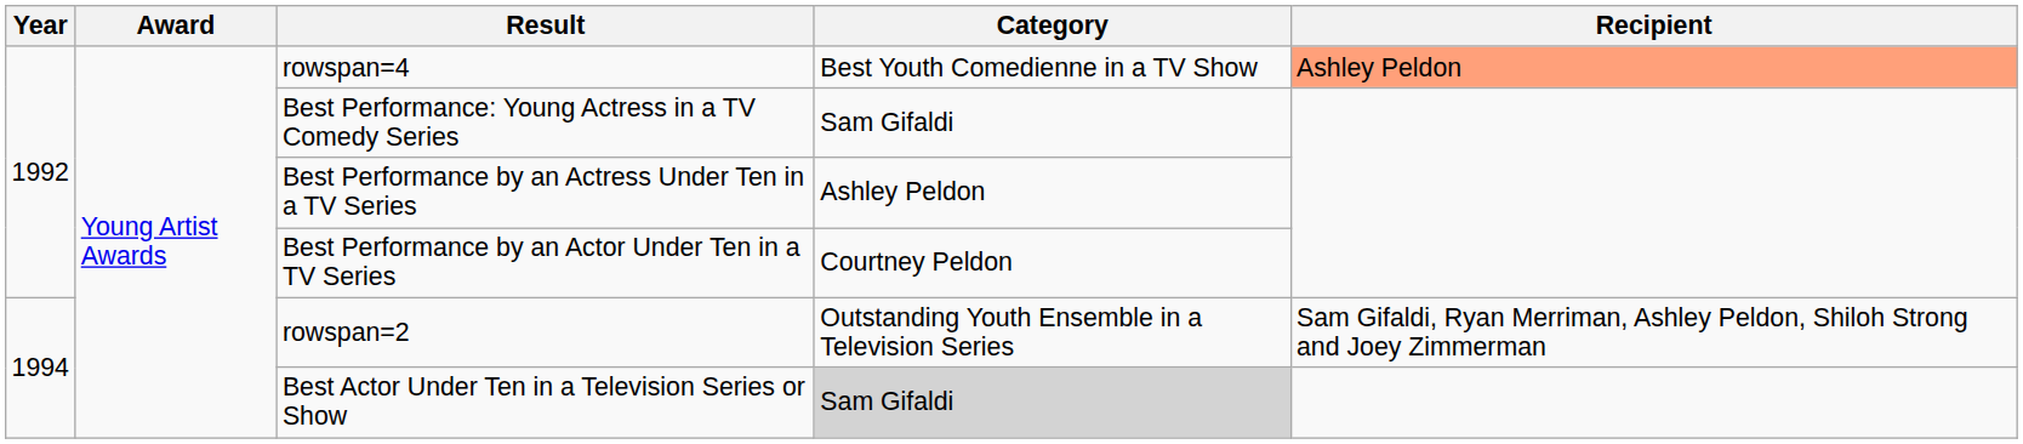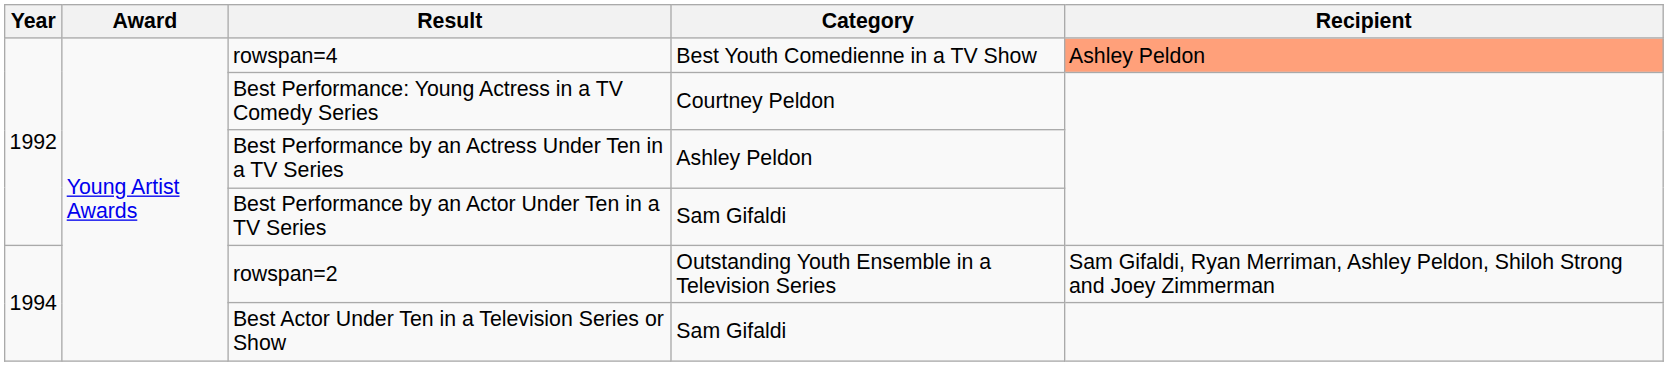 <table class="wikitable" font-size: 90%;">
 <tr>
 <th>Year</th>
 <th>Award</th>
 <th>Result</th>
 <th>Category</th>
 <th>Recipient</th>
 </tr>
 <tr>
 <td rowspan=4>1992</td>
 <td rowspan=6><a href='#'>Young Artist Awards</a></td>
 <td>rowspan=4 </td>
 <td>Best Youth Comedienne in a TV Show</td>
 <td style="background: lightsalmon;">Ashley Peldon</td>
 </tr>
 <tr>
 <td>Best Performance: Young Actress in a TV Comedy Series</td>
-<td>Sam Gifaldi</td>
+<td>Courtney Peldon</td>
 </tr>
 <tr>
 <td>Best Performance by an Actress Under Ten in a TV Series</td>
 <td>Ashley Peldon</td>
 </tr>
 <tr>
 <td>Best Performance by an Actor Under Ten in a TV Series</td>
-<td>Courtney Peldon</td>
+<td>Sam Gifaldi</td>
 </tr>
 <tr>
 <td rowspan=2>1994</td>
 <td>rowspan=2 </td>
 <td>Outstanding Youth Ensemble in a Television Series</td>
 <td>Sam Gifaldi, Ryan Merriman, Ashley Peldon, Shiloh Strong and Joey Zimmerman</td>
 </tr>
 <tr>
 <td>Best Actor Under Ten in a Television Series or Show</td>
-<td style="background: lightgrey;">Sam Gifaldi</td>
+<td>Sam Gifaldi</td>
 </tr>
 </table>
